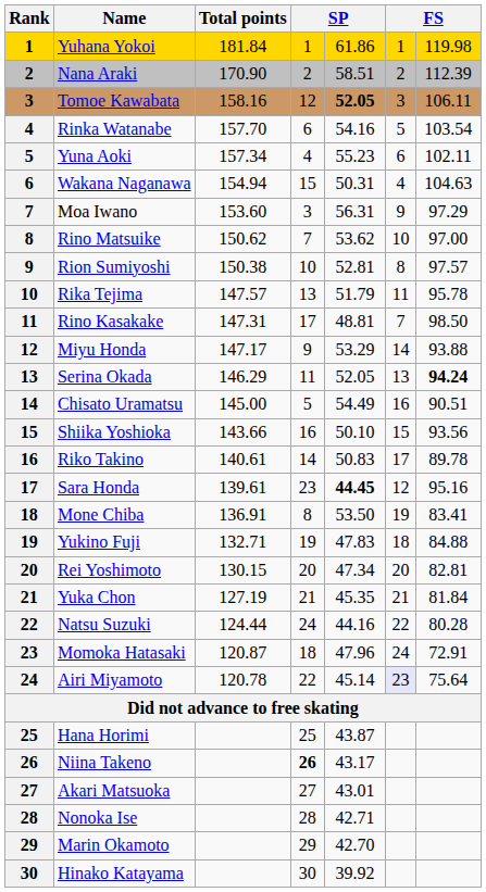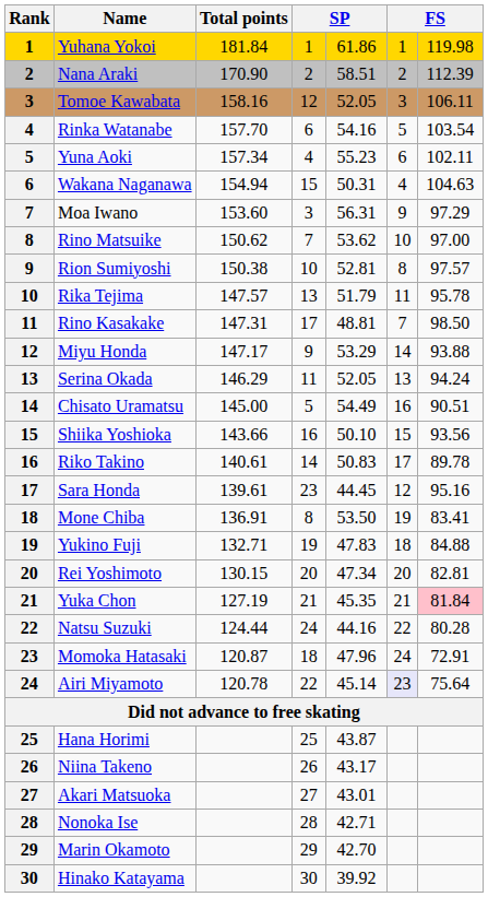 <table class="wikitable sortable">
 <tr>
 <th>Rank</th>
 <th>Name</th>
 <th>Total points</th>
 <th colspan="2" width="80px"><a href='#'>SP</a></th>
 <th colspan="2" width="80px"><a href='#'>FS</a></th>
 </tr>
 <tr bgcolor="gold">
 <td align="center"><strong>1</strong></td>
 <td><a href='#'>Yuhana Yokoi</a></td>
 <td align="center">181.84</td>
 <td align="center">1</td>
 <td align="center">61.86</td>
 <td align="center">1</td>
 <td align="center">119.98</td>
 </tr>
 <tr bgcolor="silver">
 <td align="center"><strong>2</strong></td>
 <td><a href='#'>Nana Araki</a></td>
 <td align="center">170.90</td>
 <td align="center">2</td>
 <td align="center">58.51</td>
 <td align="center">2</td>
 <td align="center">112.39</td>
 </tr>
 <tr bgcolor="cc9966">
 <td align="center"><strong>3</strong></td>
 <td><a href='#'>Tomoe Kawabata</a></td>
 <td align="center">158.16</td>
 <td align="center">12</td>
-<td align="center"><strong>52.05</strong></td>
+<td align="center">52.05</td>
 <td align="center">3</td>
 <td align="center">106.11</td>
 </tr>
 <tr>
 <th>4</th>
 <td><a href='#'>Rinka Watanabe</a></td>
 <td align=center>157.70</td>
 <td align=center>6</td>
 <td align=center>54.16</td>
 <td align=center>5</td>
 <td align=center>103.54</td>
 </tr>
 <tr>
 <th>5</th>
 <td><a href='#'>Yuna Aoki</a></td>
 <td align=center>157.34</td>
 <td align=center>4</td>
 <td align=center>55.23</td>
 <td align=center>6</td>
 <td align=center>102.11</td>
 </tr>
 <tr>
 <th>6</th>
 <td><a href='#'>Wakana Naganawa</a></td>
 <td align=center>154.94</td>
 <td align=center>15</td>
 <td align=center>50.31</td>
 <td align=center>4</td>
 <td align=center>104.63</td>
 </tr>
 <tr>
 <th>7</th>
 <td>Moa Iwano</td>
 <td align=center>153.60</td>
 <td align=center>3</td>
 <td align=center>56.31</td>
 <td align=center>9</td>
 <td align=center>97.29</td>
 </tr>
 <tr>
 <th>8</th>
 <td><a href='#'>Rino Matsuike</a></td>
 <td align=center>150.62</td>
 <td align=center>7</td>
 <td align=center>53.62</td>
 <td align=center>10</td>
 <td align=center>97.00</td>
 </tr>
 <tr>
 <th>9</th>
 <td><a href='#'>Rion Sumiyoshi</a></td>
 <td align=center>150.38</td>
 <td align=center>10</td>
 <td align=center>52.81</td>
 <td align=center>8</td>
 <td align=center>97.57</td>
 </tr>
 <tr>
 <th>10</th>
 <td><a href='#'>Rika Tejima</a></td>
 <td align=center>147.57</td>
 <td align=center>13</td>
 <td align=center>51.79</td>
 <td align=center>11</td>
 <td align=center>95.78</td>
 </tr>
 <tr>
 <th>11</th>
 <td><a href='#'>Rino Kasakake</a></td>
 <td align=center>147.31</td>
 <td align=center>17</td>
 <td align=center>48.81</td>
 <td align=center>7</td>
 <td align=center>98.50</td>
 </tr>
 <tr>
 <th>12</th>
 <td><a href='#'>Miyu Honda</a></td>
 <td align=center>147.17</td>
 <td align=center>9</td>
 <td align=center>53.29</td>
 <td align=center>14</td>
 <td align=center>93.88</td>
 </tr>
 <tr>
 <th>13</th>
 <td><a href='#'>Serina Okada</a></td>
 <td align=center>146.29</td>
 <td align=center>11</td>
 <td align=center>52.05</td>
 <td align=center>13</td>
-<td align=center><strong>94.24</strong></td>
+<td align=center>94.24</td>
 </tr>
 <tr>
 <th>14</th>
 <td><a href='#'>Chisato Uramatsu</a></td>
 <td align=center>145.00</td>
 <td align=center>5</td>
 <td align=center>54.49</td>
 <td align=center>16</td>
 <td align=center>90.51</td>
 </tr>
 <tr>
 <th>15</th>
 <td><a href='#'>Shiika Yoshioka</a></td>
 <td align=center>143.66</td>
 <td align=center>16</td>
 <td align=center>50.10</td>
 <td align=center>15</td>
 <td align=center>93.56</td>
 </tr>
 <tr>
 <th>16</th>
 <td><a href='#'>Riko Takino</a></td>
 <td align=center>140.61</td>
 <td align=center>14</td>
 <td align=center>50.83</td>
 <td align=center>17</td>
 <td align=center>89.78</td>
 </tr>
 <tr>
 <th>17</th>
 <td><a href='#'>Sara Honda</a></td>
 <td align=center>139.61</td>
 <td align=center>23</td>
-<td align=center><strong>44.45</strong></td>
+<td align=center>44.45</td>
 <td align=center>12</td>
 <td align=center>95.16</td>
 </tr>
 <tr>
 <th>18</th>
 <td><a href='#'>Mone Chiba</a></td>
 <td align=center>136.91</td>
 <td align=center>8</td>
 <td align=center>53.50</td>
 <td align=center>19</td>
 <td align=center>83.41</td>
 </tr>
 <tr>
 <th>19</th>
 <td><a href='#'>Yukino Fuji</a></td>
 <td align=center>132.71</td>
 <td align=center>19</td>
 <td align=center>47.83</td>
 <td align=center>18</td>
 <td align=center>84.88</td>
 </tr>
 <tr>
 <th>20</th>
 <td><a href='#'>Rei Yoshimoto</a></td>
 <td align=center>130.15</td>
 <td align=center>20</td>
 <td align=center>47.34</td>
 <td align=center>20</td>
 <td align=center>82.81</td>
 </tr>
 <tr>
 <th>21</th>
 <td><a href='#'>Yuka Chon</a></td>
 <td align=center>127.19</td>
 <td align=center>21</td>
 <td align=center>45.35</td>
 <td align=center>21</td>
-<td align=center>81.84</td>
+<td align=center style="background: pink;">81.84</td>
 </tr>
 <tr>
 <th>22</th>
 <td><a href='#'>Natsu Suzuki</a></td>
 <td align=center>124.44</td>
 <td align=center>24</td>
 <td align=center>44.16</td>
 <td align=center>22</td>
 <td align=center>80.28</td>
 </tr>
 <tr>
 <th>23</th>
 <td><a href='#'>Momoka Hatasaki</a></td>
 <td align=center>120.87</td>
 <td align=center>18</td>
 <td align=center>47.96</td>
 <td align=center>24</td>
 <td align=center>72.91</td>
 </tr>
 <tr>
 <th>24</th>
 <td><a href='#'>Airi Miyamoto</a></td>
 <td align=center>120.78</td>
 <td align=center>22</td>
 <td align=center>45.14</td>
 <td align=center style="background: lavender;">23</td>
 <td align=center>75.64</td>
 </tr>
 <tr>
 <th colspan=7>Did not advance to free skating</th>
 </tr>
 <tr>
 <th>25</th>
 <td><a href='#'>Hana Horimi</a></td>
 <td></td>
 <td align=center>25</td>
 <td align=center>43.87</td>
 <td></td>
 <td></td>
 </tr>
 <tr>
 <th>26</th>
 <td><a href='#'>Niina Takeno</a></td>
 <td></td>
-<td align=center><strong>26</strong></td>
+<td align=center>26</td>
 <td align=center>43.17</td>
 <td></td>
 <td></td>
 </tr>
 <tr>
 <th>27</th>
 <td><a href='#'>Akari Matsuoka</a></td>
 <td></td>
 <td align=center>27</td>
 <td align=center>43.01</td>
 <td></td>
 <td></td>
 </tr>
 <tr>
 <th>28</th>
 <td><a href='#'>Nonoka Ise</a></td>
 <td></td>
 <td align=center>28</td>
 <td align=center>42.71</td>
 <td></td>
 <td></td>
 </tr>
 <tr>
 <th>29</th>
 <td><a href='#'>Marin Okamoto</a></td>
 <td></td>
 <td align=center>29</td>
 <td align=center>42.70</td>
 <td></td>
 <td></td>
 </tr>
 <tr>
 <th>30</th>
 <td><a href='#'>Hinako Katayama</a></td>
 <td></td>
 <td align=center>30</td>
 <td align=center>39.92</td>
 <td></td>
 <td></td>
 </tr>
 </table>
